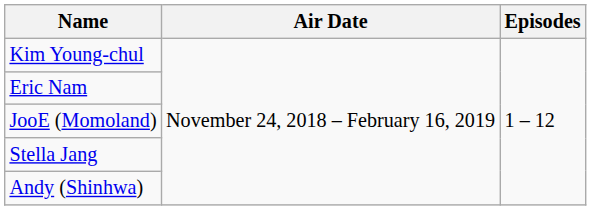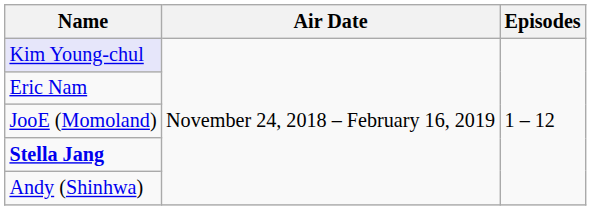 <table class="wikitable" style="font-size: 90%;">
 <tr>
 <th>Name</th>
 <th>Air Date</th>
 <th>Episodes</th>
 </tr>
 <tr>
-<td><a href='#'>Kim Young-chul</a></td>
+<td style="background: lavender;"><a href='#'>Kim Young-chul</a></td>
 <td rowspan="5">November 24, 2018 – February 16, 2019</td>
 <td rowspan="5">1 – 12</td>
 </tr>
 <tr>
 <td><a href='#'>Eric Nam</a></td>
 </tr>
 <tr>
 <td><a href='#'>JooE</a> (<a href='#'>Momoland</a>)</td>
 </tr>
 <tr>
-<td><a href='#'>Stella Jang</a></td>
+<td><strong><a href='#'>Stella Jang</a></strong></td>
 </tr>
 <tr>
 <td><a href='#'>Andy</a> (<a href='#'>Shinhwa</a>)</td>
 </tr>
 </table>
